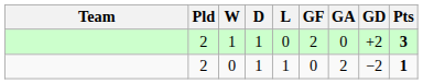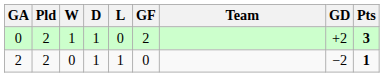 <table class="wikitable" style="text-align:center;">
 <tr>
-<th width=180>Team</th>
+<th width=20>GA</th>
 <th width=20>Pld</th>
 <th width=20>W</th>
 <th width=20>D</th>
 <th width=20>L</th>
 <th width=20>GF</th>
-<th width=20>GA</th>
+<th width=180>Team</th>
 <th width=20>GD</th>
 <th width=20>Pts</th>
 </tr>
 <tr style="background:#cfc;">
-<td align="left"></td>
+<td>0</td>
 <td>2</td>
 <td>1</td>
 <td>1</td>
 <td>0</td>
 <td>2</td>
-<td>0</td>
+<td align="left"></td>
 <td>+2</td>
 <td><strong>3</strong></td>
 </tr>
 <tr>
-<td align="left"></td>
+<td>2</td>
 <td>2</td>
 <td>0</td>
 <td>1</td>
 <td>1</td>
 <td>0</td>
-<td>2</td>
+<td align="left"></td>
 <td>−2</td>
 <td><strong>1</strong></td>
 </tr>
 </table>
